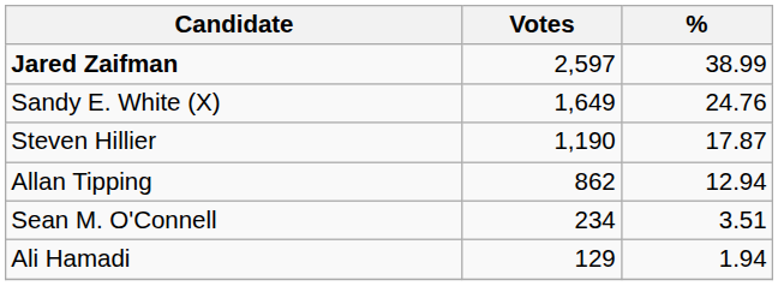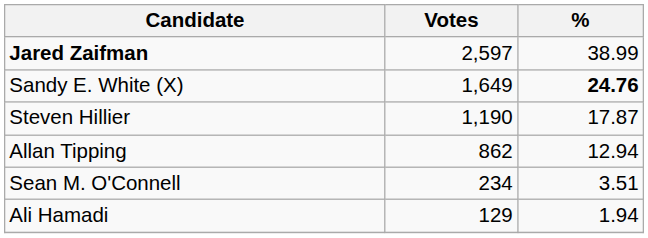 <table style="width:500px;" class="wikitable">
 <tr>
 <th align="center">Candidate</th>
 <th align="center">Votes</th>
 <th align="center">%</th>
 </tr>
 <tr>
 <td align="left"><strong>Jared Zaifman</strong></td>
 <td align="right">2,597</td>
 <td align="right">38.99</td>
 </tr>
 <tr>
 <td align="left">Sandy E. White (X)</td>
 <td align="right">1,649</td>
-<td align="right">24.76</td>
+<td align="right"><strong>24.76</strong></td>
 </tr>
 <tr>
 <td align="left">Steven Hillier</td>
 <td align="right">1,190</td>
 <td align="right">17.87</td>
 </tr>
 <tr>
 <td align="left">Allan Tipping</td>
 <td align="right">862</td>
 <td align="right">12.94</td>
 </tr>
 <tr>
 <td align="left">Sean M. O'Connell</td>
 <td align="right">234</td>
 <td align="right">3.51</td>
 </tr>
 <tr>
 <td align="left">Ali Hamadi</td>
 <td align="right">129</td>
 <td align="right">1.94</td>
 </tr>
 <tr>
 </tr>
 </table>
